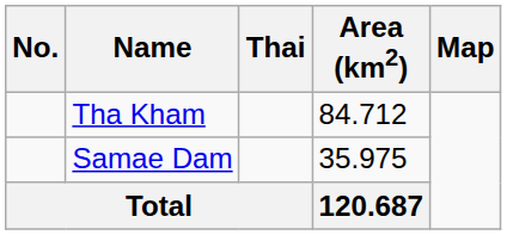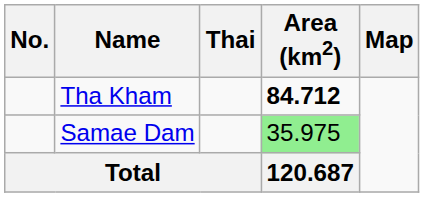 <table class="wikitable sortable">
 <tr>
 <th>No.</th>
 <th>Name</th>
 <th>Thai</th>
 <th>Area<br>(km<sup>2</sup>)</th>
 <th>Map</th>
 </tr>
 <tr>
 <td></td>
 <td><a href='#'>Tha Kham</a></td>
 <td></td>
-<td><div>84.712</div></td>
+<td><strong><div>84.712</div></strong></td>
 <td rowspan=3></td>
 </tr>
 <tr>
 <td></td>
 <td><a href='#'>Samae Dam</a></td>
 <td></td>
-<td><div>35.975</div></td>
+<td style="background: lightgreen;"><div>35.975</div></td>
 </tr>
 <tr>
 <th colspan=3>Total</th>
 <th><div>120.687</div></th>
 </tr>
 </table>
